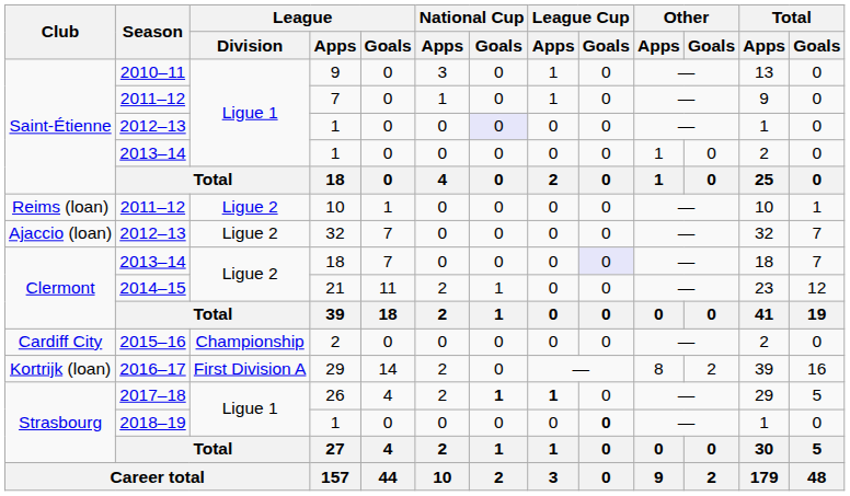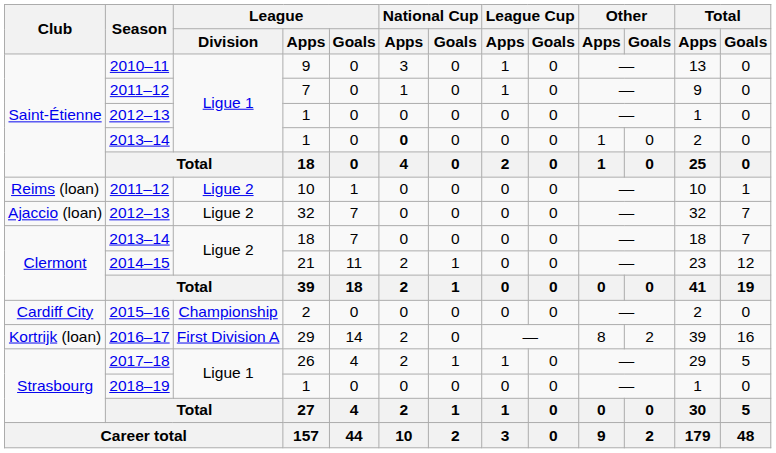 <table class="wikitable" style="text-align: center">
 <tr>
 <th rowspan="2">Club</th>
 <th rowspan="2">Season</th>
 <th colspan="3">League</th>
 <th colspan="2">National Cup</th>
 <th colspan="2">League Cup</th>
 <th colspan="2">Other</th>
 <th colspan="2">Total</th>
 </tr>
 <tr>
 <th>Division</th>
 <th>Apps</th>
 <th>Goals</th>
 <th>Apps</th>
 <th>Goals</th>
 <th>Apps</th>
 <th>Goals</th>
 <th>Apps</th>
 <th>Goals</th>
 <th>Apps</th>
 <th>Goals</th>
 </tr>
 <tr>
 <td rowspan="5"><a href='#'>Saint-Étienne</a></td>
 <td><a href='#'>2010–11</a></td>
 <td rowspan="4"><a href='#'>Ligue 1</a></td>
 <td>9</td>
 <td>0</td>
 <td>3</td>
 <td>0</td>
 <td>1</td>
 <td>0</td>
 <td colspan="2">—</td>
 <td>13</td>
 <td>0</td>
 </tr>
 <tr>
 <td><a href='#'>2011–12</a></td>
 <td>7</td>
 <td>0</td>
 <td>1</td>
 <td>0</td>
 <td>1</td>
 <td>0</td>
 <td colspan="2">—</td>
 <td>9</td>
 <td>0</td>
 </tr>
 <tr>
 <td><a href='#'>2012–13</a></td>
 <td>1</td>
 <td>0</td>
 <td>0</td>
-<td style="background: lavender;">0</td>
+<td>0</td>
 <td>0</td>
 <td>0</td>
 <td colspan="2">—</td>
 <td>1</td>
 <td>0</td>
 </tr>
 <tr>
 <td><a href='#'>2013–14</a></td>
 <td>1</td>
 <td>0</td>
-<td>0</td>
+<td><strong>0</strong></td>
 <td>0</td>
 <td>0</td>
 <td>0</td>
 <td>1</td>
 <td>0</td>
 <td>2</td>
 <td>0</td>
 </tr>
 <tr>
 <th colspan="2">Total</th>
 <th>18</th>
 <th>0</th>
 <th>4</th>
 <th>0</th>
 <th>2</th>
 <th>0</th>
 <th>1</th>
 <th>0</th>
 <th>25</th>
 <th>0</th>
 </tr>
 <tr>
 <td><a href='#'>Reims</a> (loan)</td>
 <td><a href='#'>2011–12</a></td>
 <td><a href='#'>Ligue 2</a></td>
 <td>10</td>
 <td>1</td>
 <td>0</td>
 <td>0</td>
 <td>0</td>
 <td>0</td>
 <td colspan="2">—</td>
 <td>10</td>
 <td>1</td>
 </tr>
 <tr>
 <td><a href='#'>Ajaccio</a> (loan)</td>
 <td><a href='#'>2012–13</a></td>
 <td>Ligue 2</td>
 <td>32</td>
 <td>7</td>
 <td>0</td>
 <td>0</td>
 <td>0</td>
 <td>0</td>
 <td colspan="2">—</td>
 <td>32</td>
 <td>7</td>
 </tr>
 <tr>
 <td rowspan="3"><a href='#'>Clermont</a></td>
 <td><a href='#'>2013–14</a></td>
 <td rowspan="2">Ligue 2</td>
 <td>18</td>
 <td>7</td>
 <td>0</td>
 <td>0</td>
 <td>0</td>
-<td style="background: lavender;">0</td>
+<td>0</td>
 <td colspan="2">—</td>
 <td>18</td>
 <td>7</td>
 </tr>
 <tr>
 <td><a href='#'>2014–15</a></td>
 <td>21</td>
 <td>11</td>
 <td>2</td>
 <td>1</td>
 <td>0</td>
 <td>0</td>
 <td colspan="2">—</td>
 <td>23</td>
 <td>12</td>
 </tr>
 <tr>
 <th colspan="2">Total</th>
 <th>39</th>
 <th>18</th>
 <th>2</th>
 <th>1</th>
 <th>0</th>
 <th>0</th>
 <th>0</th>
 <th>0</th>
 <th>41</th>
 <th>19</th>
 </tr>
 <tr>
 <td><a href='#'>Cardiff City</a></td>
 <td><a href='#'>2015–16</a></td>
 <td><a href='#'>Championship</a></td>
 <td>2</td>
 <td>0</td>
 <td>0</td>
 <td>0</td>
 <td>0</td>
 <td>0</td>
 <td colspan="2">—</td>
 <td>2</td>
 <td>0</td>
 </tr>
 <tr>
 <td><a href='#'>Kortrijk</a> (loan)</td>
 <td><a href='#'>2016–17</a></td>
 <td><a href='#'>First Division A</a></td>
 <td>29</td>
 <td>14</td>
 <td>2</td>
 <td>0</td>
 <td colspan="2">—</td>
 <td>8</td>
 <td>2</td>
 <td>39</td>
 <td>16</td>
 </tr>
 <tr>
 <td rowspan="3"><a href='#'>Strasbourg</a></td>
 <td><a href='#'>2017–18</a></td>
 <td rowspan="2">Ligue 1</td>
 <td>26</td>
 <td>4</td>
 <td>2</td>
-<td><strong>1</strong></td>
-<td><strong>1</strong></td>
+<td>1</td>
+<td>1</td>
 <td>0</td>
 <td colspan="2">—</td>
 <td>29</td>
 <td>5</td>
 </tr>
 <tr>
 <td><a href='#'>2018–19</a></td>
 <td>1</td>
 <td>0</td>
 <td>0</td>
 <td>0</td>
 <td>0</td>
-<td><strong>0</strong></td>
+<td>0</td>
 <td colspan="2">—</td>
 <td>1</td>
 <td>0</td>
 </tr>
 <tr>
 <th colspan="2">Total</th>
 <th>27</th>
 <th>4</th>
 <th>2</th>
 <th>1</th>
 <th>1</th>
 <th>0</th>
 <th>0</th>
 <th>0</th>
 <th>30</th>
 <th>5</th>
 </tr>
 <tr>
 <th colspan="3">Career total</th>
 <th>157</th>
 <th>44</th>
 <th>10</th>
 <th>2</th>
 <th>3</th>
 <th>0</th>
 <th>9</th>
 <th>2</th>
 <th>179</th>
 <th>48</th>
 </tr>
 </table>
